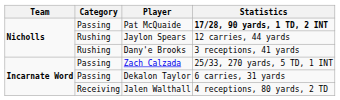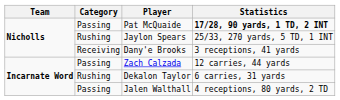 <table class="wikitable" style="float: right;">
 <tr>
 <th>Team</th>
 <th>Category</th>
 <th>Player</th>
 <th>Statistics</th>
 </tr>
 <tr>
 <td rowspan=3><strong>Nicholls</strong></td>
 <td>Passing</td>
 <td>Pat McQuaide</td>
 <td><strong>17/28, 90 yards, 1 TD, 2 INT</strong></td>
 </tr>
 <tr>
 <td>Rushing</td>
 <td>Jaylon Spears</td>
-<td>12 carries, 44 yards</td>
+<td>25/33, 270 yards, 5 TD, 1 INT</td>
 </tr>
 <tr>
-<td>Rushing</td>
+<td>Receiving</td>
 <td>Dany'e Brooks</td>
 <td>3 receptions, 41 yards</td>
 </tr>
 <tr>
 <td rowspan=3><strong>Incarnate Word</strong></td>
 <td>Passing</td>
 <td><a href='#'>Zach Calzada</a></td>
-<td>25/33, 270 yards, 5 TD, 1 INT</td>
+<td>12 carries, 44 yards</td>
 </tr>
 <tr>
-<td>Passing</td>
+<td>Rushing</td>
 <td>Dekalon Taylor</td>
 <td>6 carries, 31 yards</td>
 </tr>
 <tr>
-<td>Receiving</td>
+<td>Passing</td>
 <td>Jalen Walthall</td>
 <td>4 receptions, 80 yards, 2 TD</td>
 </tr>
 </table>
